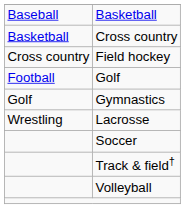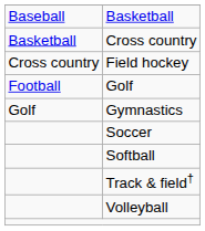 <table class="wikitable" style=" ">
 <tr>
 </tr>
 <tr>
 <td><a href='#'>Baseball</a></td>
 <td><a href='#'>Basketball</a></td>
 </tr>
 <tr>
 <td><a href='#'>Basketball</a></td>
 <td>Cross country</td>
 </tr>
 <tr>
 <td>Cross country</td>
 <td>Field hockey</td>
 </tr>
 <tr>
 <td><a href='#'>Football</a></td>
 <td>Golf</td>
 </tr>
 <tr>
 <td>Golf</td>
 <td>Gymnastics</td>
 </tr>
 <tr>
-<td>Wrestling</td>
-<td>Lacrosse</td>
+<td></td>
+<td>Soccer</td>
 </tr>
 <tr>
 <td></td>
-<td>Soccer</td>
+<td>Softball</td>
 </tr>
 <tr>
 <td></td>
 <td>Track & field<sup>†</sup></td>
 </tr>
 <tr>
 <td></td>
 <td>Volleyball</td>
 </tr>
 <tr>
 <td colspan="2"></td>
 </tr>
 </table>
